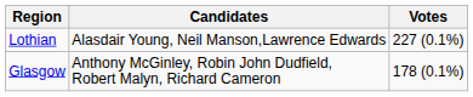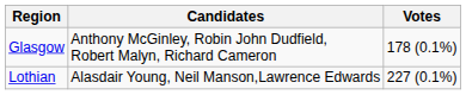 <table class="wikitable">
 <tr>
 <th>Region</th>
 <th>Candidates</th>
 <th>Votes</th>
 </tr>
 <tr>
+<td><a href='#'>Glasgow</a></td>
+<td>Anthony McGinley, Robin John Dudfield,<br>Robert Malyn,  Richard Cameron</td>
+<td>178 (0.1%)</td>
+</tr>
+<tr>
 <td><a href='#'>Lothian</a></td>
 <td>Alasdair Young, Neil Manson,Lawrence Edwards</td>
 <td>227 (0.1%)</td>
 </tr>
-<tr>
-<td><a href='#'>Glasgow</a></td>
-<td>Anthony McGinley, Robin John Dudfield,<br>Robert Malyn,  Richard Cameron</td>
-<td>178 (0.1%)</td>
-</tr>
 </table>
